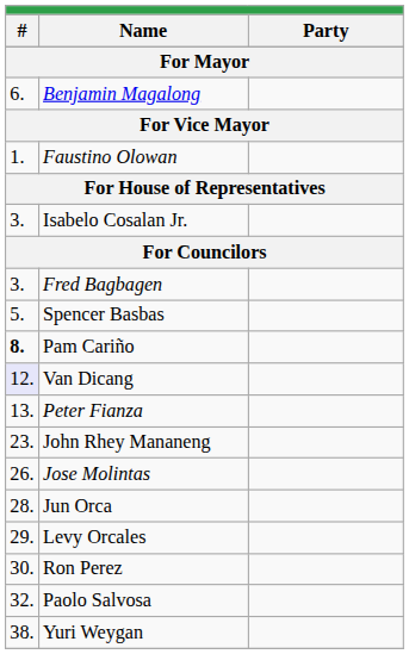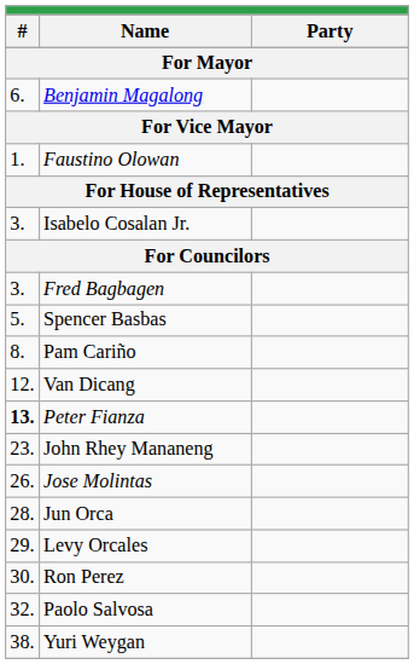 <table class="wikitable" style="font-size:90%">
 <tr>
 <td colspan="5" bgcolor="#2d9f48"></td>
 </tr>
 <tr>
 <th>#</th>
 <th width=150px>Name</th>
 <th colspan=2 width=110px>Party</th>
 </tr>
 <tr>
 </tr>
 <tr>
 <th colspan=5>For Mayor</th>
 </tr>
 <tr>
 <td>6.</td>
 <td><em><a href='#'>Benjamin Magalong</a></em></td>
 <td></td>
 </tr>
 <tr>
 <th colspan=5>For Vice Mayor</th>
 </tr>
 <tr>
 <td>1.</td>
 <td><em>Faustino Olowan</em></td>
 <td></td>
 </tr>
 <tr>
 <th colspan=5>For House of Representatives</th>
 </tr>
 <tr>
 <td>3.</td>
 <td>Isabelo Cosalan Jr.</td>
 <td></td>
 </tr>
 <tr>
 <th colspan="5">For Councilors</th>
 </tr>
 <tr>
 <td>3.</td>
 <td><em>Fred Bagbagen</em></td>
 <td></td>
 </tr>
 <tr>
 <td>5.</td>
 <td>Spencer Basbas</td>
 <td></td>
 </tr>
 <tr>
-<td><strong>8.</strong></td>
+<td>8.</td>
 <td>Pam Cariño</td>
 <td></td>
 </tr>
 <tr>
-<td style="background: lavender;">12.</td>
+<td>12.</td>
 <td>Van Dicang</td>
 <td></td>
 </tr>
 <tr>
-<td>13.</td>
+<td><strong>13.</strong></td>
 <td><em>Peter Fianza</em></td>
 <td></td>
 </tr>
 <tr>
 <td>23.</td>
 <td>John Rhey Mananeng</td>
 <td></td>
 </tr>
 <tr>
 <td>26.</td>
 <td><em>Jose Molintas</em></td>
 <td></td>
 </tr>
 <tr>
 <td>28.</td>
 <td>Jun Orca</td>
 <td></td>
 </tr>
 <tr>
 <td>29.</td>
 <td>Levy Orcales</td>
 <td></td>
 </tr>
 <tr>
 <td>30.</td>
 <td>Ron Perez</td>
 <td></td>
 </tr>
 <tr>
 <td>32.</td>
 <td>Paolo Salvosa</td>
 <td></td>
 </tr>
 <tr>
 <td>38.</td>
 <td>Yuri Weygan</td>
 <td></td>
 </tr>
 <tr>
 </tr>
 </table>
